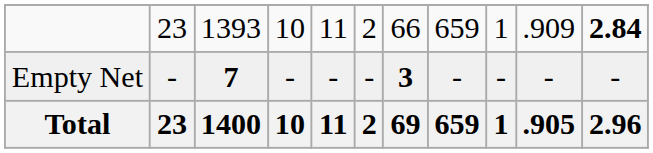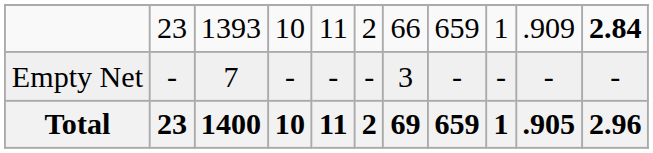 <table class="wikitable sortable">
 <tr align="center">
 </tr>
 <tr align="center" bgcolor="">
 <td></td>
 <td>23</td>
 <td>1393</td>
 <td>10</td>
 <td>11</td>
 <td>2</td>
 <td>66</td>
 <td>659</td>
 <td>1</td>
 <td>.909</td>
 <td><strong>2.84</strong></td>
 </tr>
 <tr align="center" bgcolor="f0f0f0">
 <td>Empty Net</td>
 <td>-</td>
-<td><strong>7</strong></td>
+<td>7</td>
 <td>-</td>
 <td>-</td>
 <td>-</td>
-<td><strong>3</strong></td>
+<td>3</td>
 <td>-</td>
 <td>-</td>
 <td>-</td>
 <td>-</td>
 </tr>
 <tr>
 <th>Total</th>
 <th>23</th>
 <th>1400</th>
 <th>10</th>
 <th>11</th>
 <th>2</th>
 <th>69</th>
 <th>659</th>
 <th>1</th>
 <th>.905</th>
 <th>2.96</th>
 </tr>
 </table>
